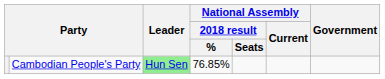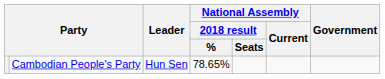 <table class="wikitable" style="font-size:100%;">
 <tr>
 <th colspan="2" rowspan="3">Party</th>
 <th rowspan="3">Leader</th>
 <th colspan="3"><a href='#'>National Assembly</a></th>
 <th rowspan="3">Government</th>
 </tr>
 <tr>
 <th colspan="2"><a href='#'>2018 result</a></th>
 <th rowspan="2">Current</th>
 </tr>
 <tr>
 <th>%</th>
 <th>Seats</th>
 </tr>
 <tr>
 <th style="background-color: "></th>
 <td><a href='#'>Cambodian People's Party</a></td>
-<td style="background: lightgreen;"><a href='#'>Hun Sen</a></td>
-<td>76.85%</td>
+<td><a href='#'>Hun Sen</a></td>
+<td>78.65%</td>
 <td></td>
 <td></td>
 <td></td>
 </tr>
 </table>
